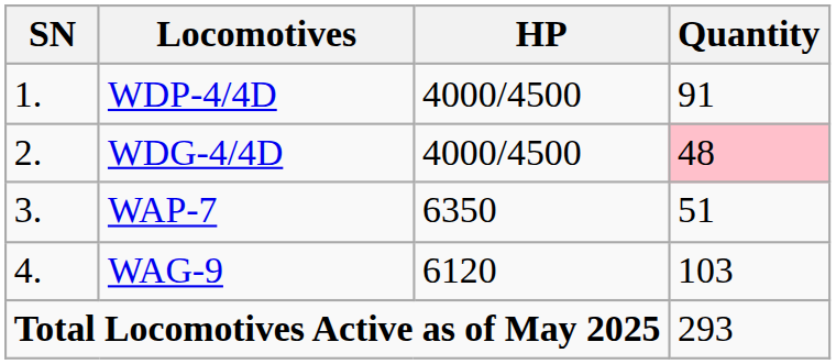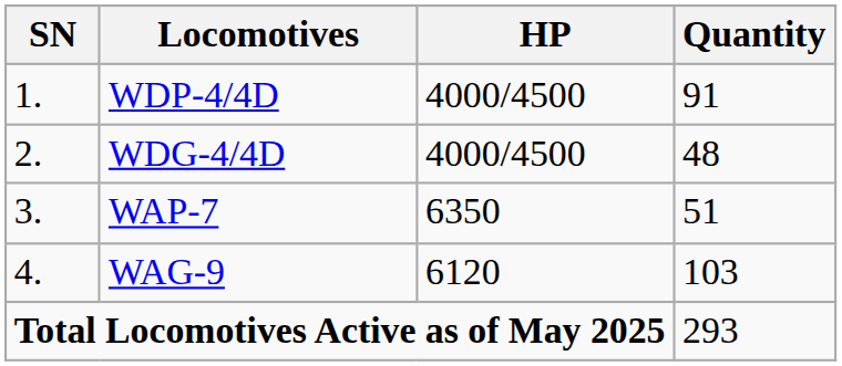 <table class="wikitable">
 <tr>
 <th>SN</th>
 <th>Locomotives</th>
 <th>HP</th>
 <th>Quantity</th>
 </tr>
 <tr>
 <td>1.</td>
 <td><a href='#'>WDP-4/4D</a></td>
 <td>4000/4500</td>
 <td>91</td>
 </tr>
 <tr>
 <td>2.</td>
 <td><a href='#'>WDG-4/4D</a></td>
 <td>4000/4500</td>
-<td style="background: pink;">48</td>
+<td>48</td>
 </tr>
 <tr>
 <td>3.</td>
 <td><a href='#'>WAP-7</a></td>
 <td>6350</td>
 <td>51</td>
 </tr>
 <tr>
 <td>4.</td>
 <td><a href='#'>WAG-9</a></td>
 <td>6120</td>
 <td>103</td>
 </tr>
 <tr>
 <td colspan="3"><strong>Total Locomotives Active as of May 2025</strong></td>
 <td>293</td>
 </tr>
 </table>
